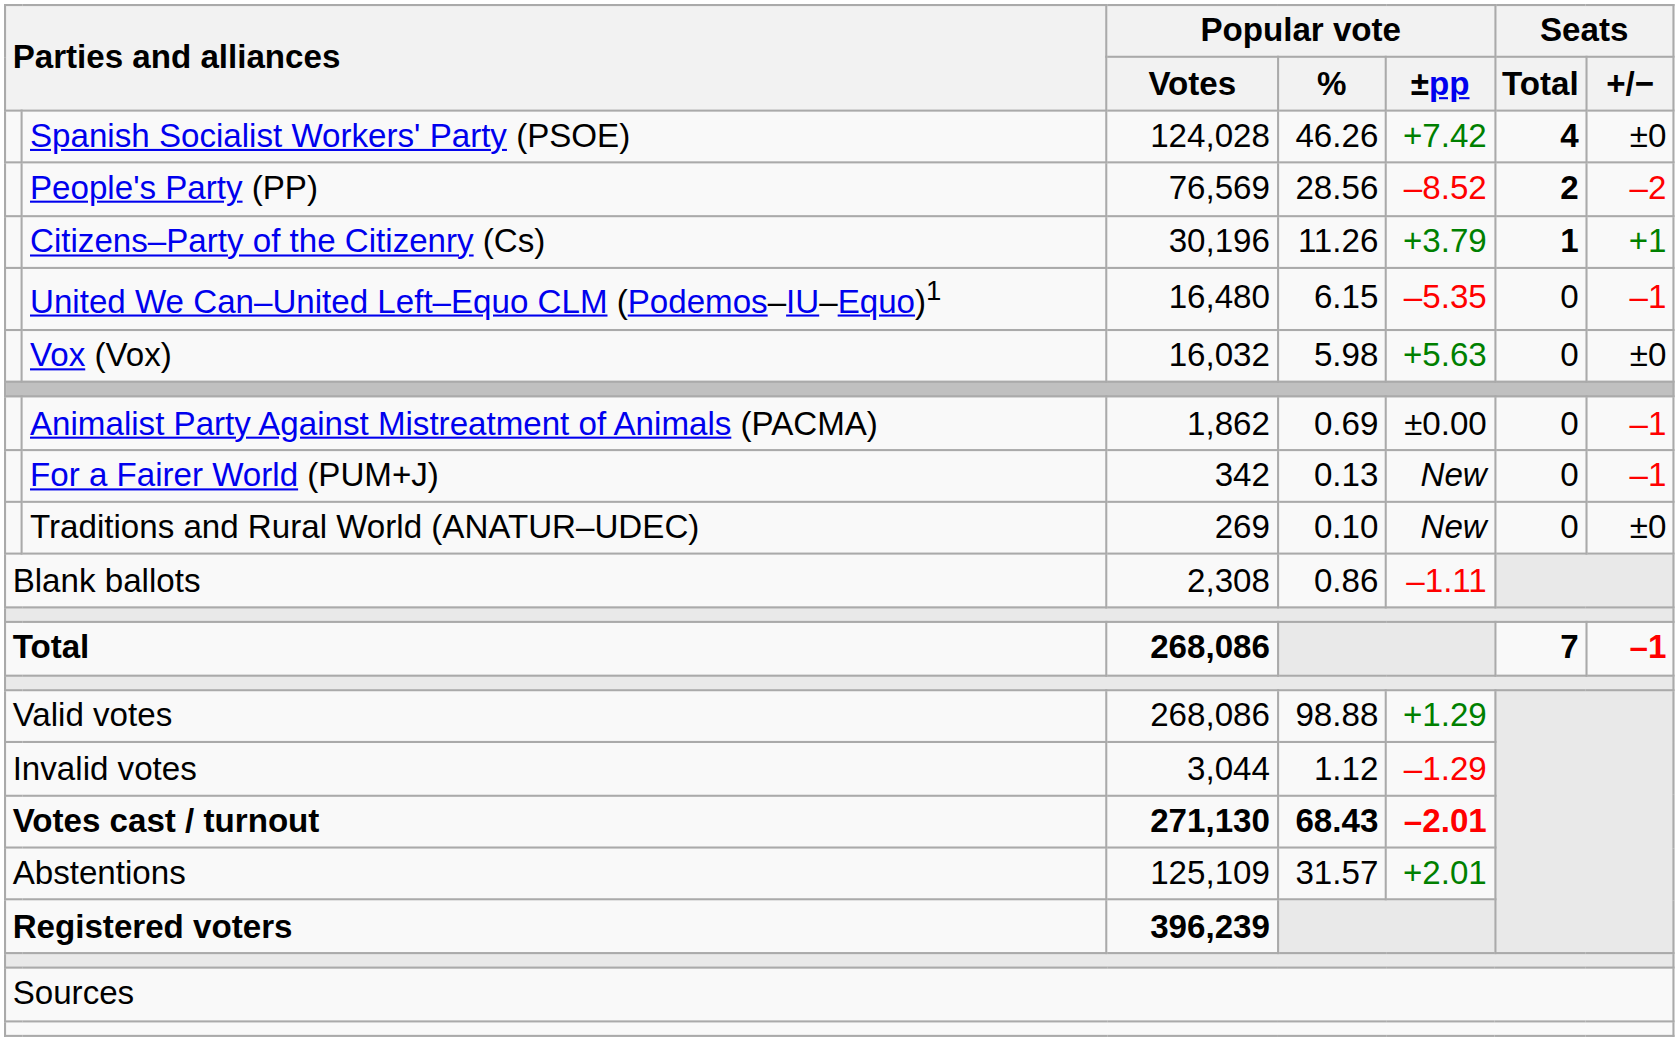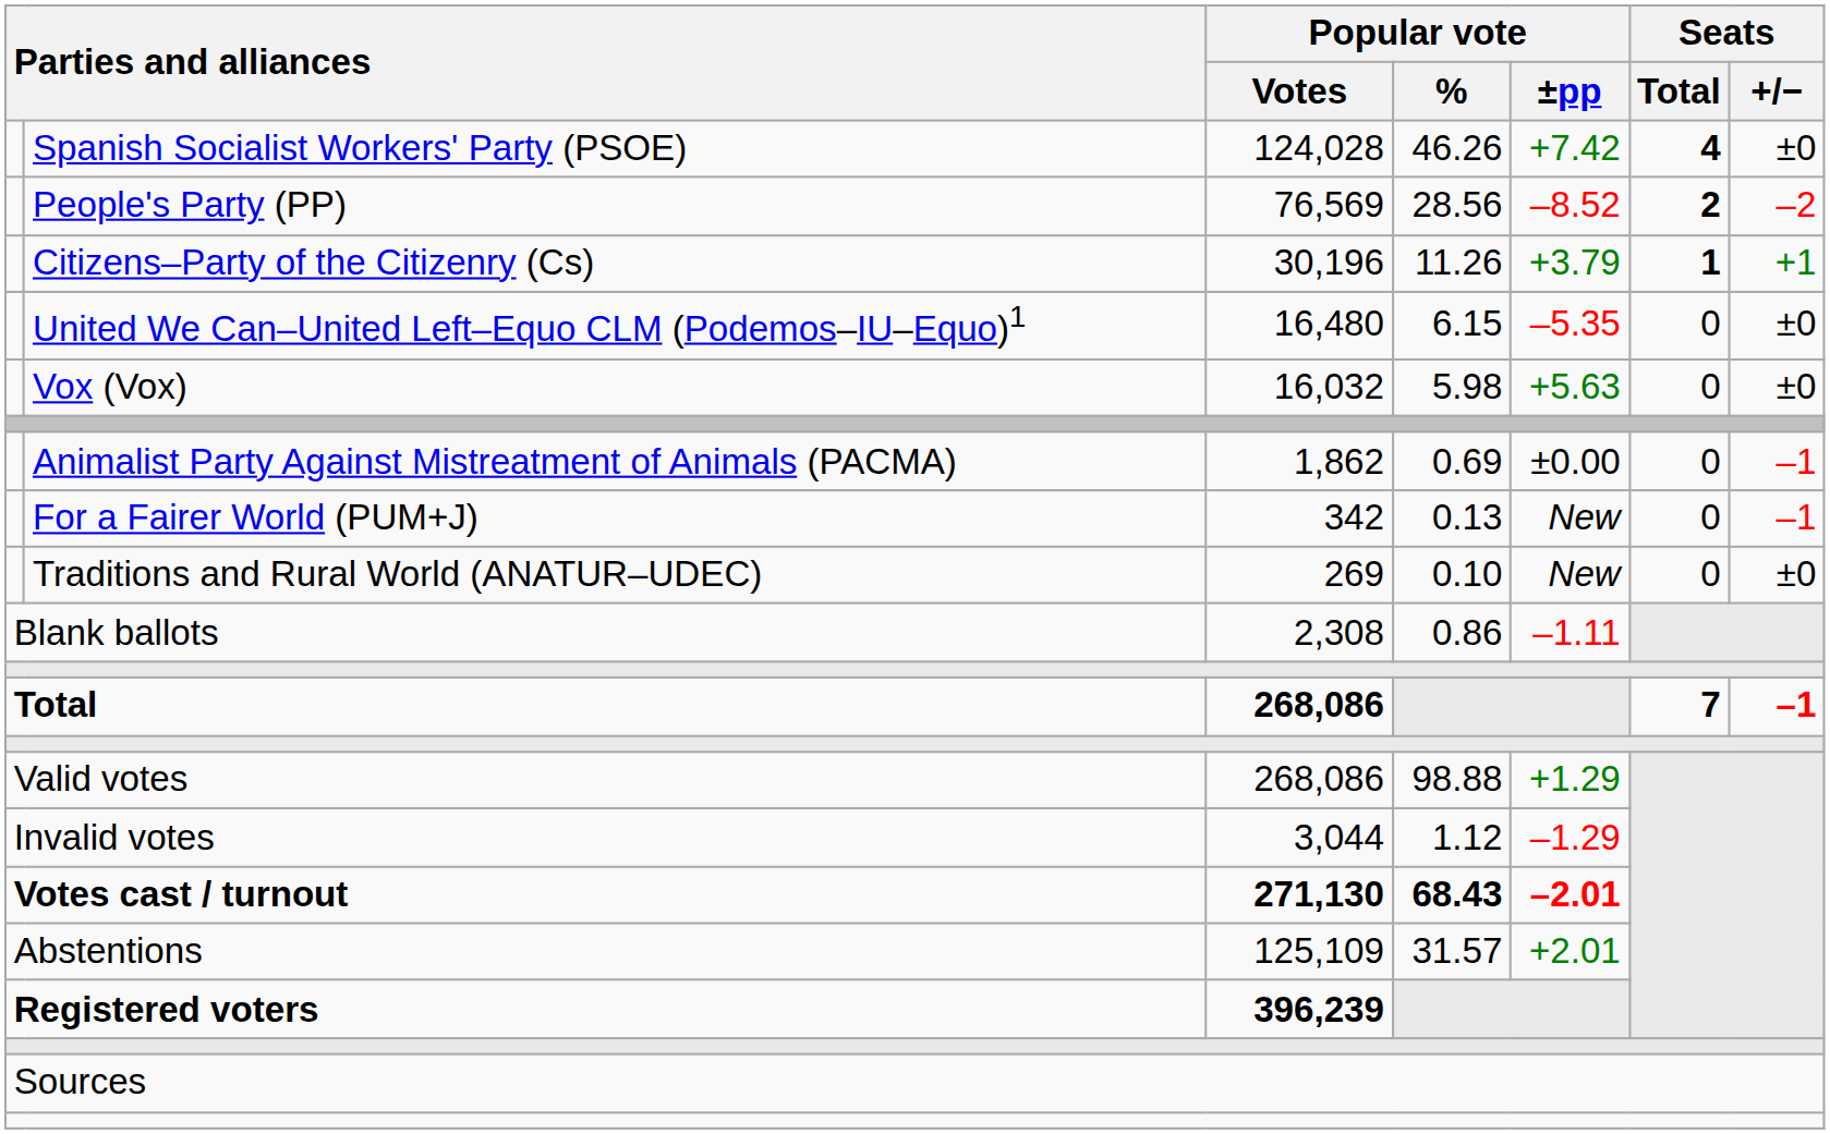 <table class="wikitable" style="text-align:right;">
 <tr>
 <th style="text-align:left;" rowspan="2" colspan="2" width="525">Parties and alliances</th>
 <th colspan="3">Popular vote</th>
 <th colspan="2">Seats</th>
 </tr>
 <tr>
 <th width="75">Votes</th>
 <th width="45">%</th>
 <th width="45">±<a href='#'>pp</a></th>
 <th width="35">Total</th>
 <th width="35">+/−</th>
 </tr>
 <tr>
 <td width="1" style="color:inherit;background:"></td>
 <td align="left"><a href='#'>Spanish Socialist Workers' Party</a> (PSOE)</td>
 <td>124,028</td>
 <td>46.26</td>
 <td style="color:green;">+7.42</td>
 <td><strong>4</strong></td>
 <td>±0</td>
 </tr>
 <tr>
 <td style="color:inherit;background:"></td>
 <td align="left"><a href='#'>People's Party</a> (PP)</td>
 <td>76,569</td>
 <td>28.56</td>
 <td style="color:red;">–8.52</td>
 <td><strong>2</strong></td>
 <td style="color:red;">–2</td>
 </tr>
 <tr>
 <td style="color:inherit;background:"></td>
 <td align="left"><a href='#'>Citizens–Party of the Citizenry</a> (Cs)</td>
 <td>30,196</td>
 <td>11.26</td>
 <td style="color:green;">+3.79</td>
 <td><strong>1</strong></td>
 <td style="color:green;">+1</td>
 </tr>
 <tr>
 <td style="color:inherit;background:"></td>
 <td align="left"><a href='#'>United We Can–United Left–Equo CLM</a> (<a href='#'>Podemos</a>–<a href='#'>IU</a>–<a href='#'>Equo</a>)<sup>1</sup></td>
 <td>16,480</td>
 <td>6.15</td>
 <td style="color:red;">–5.35</td>
 <td>0</td>
-<td style="color:red;">–1</td>
+<td>±0</td>
 </tr>
 <tr>
 <td style="color:inherit;background:"></td>
 <td align="left"><a href='#'>Vox</a> (Vox)</td>
 <td>16,032</td>
 <td>5.98</td>
 <td style="color:green;">+5.63</td>
 <td>0</td>
 <td>±0</td>
 </tr>
 <tr>
 <td colspan="7" bgcolor="#C0C0C0"></td>
 </tr>
 <tr>
 <td style="color:inherit;background:"></td>
 <td align="left"><a href='#'>Animalist Party Against Mistreatment of Animals</a> (PACMA)</td>
 <td>1,862</td>
 <td>0.69</td>
 <td>±0.00</td>
 <td>0</td>
 <td style="color:red;">–1</td>
 </tr>
 <tr>
 <td style="color:inherit;background:"></td>
 <td align="left"><a href='#'>For a Fairer World</a> (PUM+J)</td>
 <td>342</td>
 <td>0.13</td>
 <td><em>New</em></td>
 <td>0</td>
 <td style="color:red;">–1</td>
 </tr>
 <tr>
 <td style="color:inherit;background:"></td>
 <td align="left">Traditions and Rural World (ANATUR–UDEC)</td>
 <td>269</td>
 <td>0.10</td>
 <td><em>New</em></td>
 <td>0</td>
 <td>±0</td>
 </tr>
 <tr>
 <td align="left" colspan="2">Blank ballots</td>
 <td>2,308</td>
 <td>0.86</td>
 <td style="color:red;">–1.11</td>
 <td bgcolor="#E9E9E9" colspan="2"></td>
 </tr>
 <tr>
 <td colspan="7" bgcolor="#E9E9E9"></td>
 </tr>
 <tr style="font-weight:bold;">
 <td align="left" colspan="2">Total</td>
 <td>268,086</td>
 <td bgcolor="#E9E9E9" colspan="2"></td>
 <td>7</td>
 <td style="color:red;">–1</td>
 </tr>
 <tr>
 <td colspan="7" bgcolor="#E9E9E9"></td>
 </tr>
 <tr>
 <td align="left" colspan="2">Valid votes</td>
 <td>268,086</td>
 <td>98.88</td>
 <td style="color:green;">+1.29</td>
 <td bgcolor="#E9E9E9" colspan="2" rowspan="5"></td>
 </tr>
 <tr>
 <td align="left" colspan="2">Invalid votes</td>
 <td>3,044</td>
 <td>1.12</td>
 <td style="color:red;">–1.29</td>
 </tr>
 <tr style="font-weight:bold;">
 <td align="left" colspan="2">Votes cast / turnout</td>
 <td>271,130</td>
 <td>68.43</td>
 <td style="color:red;">–2.01</td>
 </tr>
 <tr>
 <td align="left" colspan="2">Abstentions</td>
 <td>125,109</td>
 <td>31.57</td>
 <td style="color:green;">+2.01</td>
 </tr>
 <tr style="font-weight:bold;">
 <td align="left" colspan="2">Registered voters</td>
 <td>396,239</td>
 <td bgcolor="#E9E9E9" colspan="2"></td>
 </tr>
 <tr>
 <td colspan="7" bgcolor="#E9E9E9"></td>
 </tr>
 <tr>
 <td align="left" colspan="7">Sources</td>
 </tr>
 <tr>
 <td colspan="7" style="text-align:left; max-width:790px;"></td>
 </tr>
 </table>
